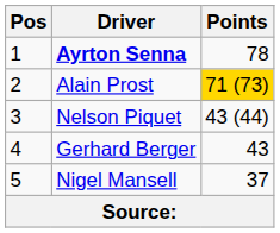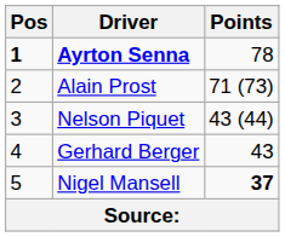 <table class="wikitable" style="font-size: 95%;">
 <tr>
 <th>Pos</th>
 <th>Driver</th>
 <th>Points</th>
 </tr>
 <tr>
-<td>1</td>
+<td><strong>1</strong></td>
 <td> <strong><a href='#'>Ayrton Senna</a></strong></td>
 <td align="right">78</td>
 </tr>
 <tr>
 <td>2</td>
 <td> <a href='#'>Alain Prost</a></td>
-<td align="right" style="background: gold;">71 (73)</td>
+<td align="right">71 (73)</td>
 </tr>
 <tr>
 <td>3</td>
 <td> <a href='#'>Nelson Piquet</a></td>
 <td align="right">43 (44)</td>
 </tr>
 <tr>
 <td>4</td>
 <td> <a href='#'>Gerhard Berger</a></td>
 <td align="right">43</td>
 </tr>
 <tr>
 <td>5</td>
 <td> <a href='#'>Nigel Mansell</a></td>
-<td align="right">37</td>
+<td align="right"><strong>37</strong></td>
 </tr>
 <tr>
 <th colspan=3>Source:</th>
 </tr>
 </table>
